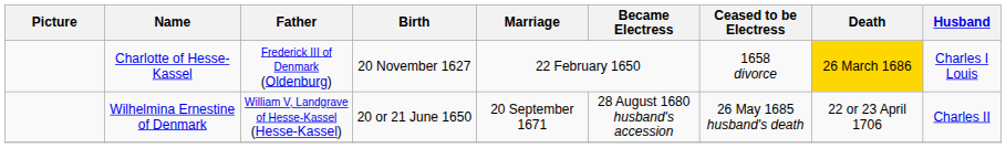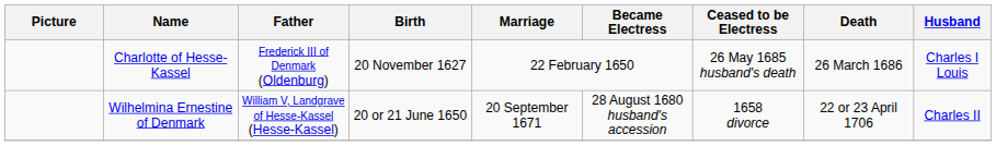 <table width=95% class="wikitable">
 <tr>
 <th width = "8%">Picture</th>
 <th width = "11%">Name</th>
 <th width = "9%">Father</th>
 <th width = "10%">Birth</th>
 <th width = "9%">Marriage</th>
 <th width = "9%">Became Electress</th>
 <th width = "9%">Ceased to be Electress</th>
 <th width = "9%">Death</th>
 <th width = "6%"><a href='#'>Husband</a></th>
 </tr>
 <tr>
 <td align="center"></td>
 <td align="center"><a href='#'>Charlotte of Hesse-Kassel</a></td>
 <td align="center"><small><a href='#'>Frederick III of Denmark</a></small><br>(<a href='#'>Oldenburg</a>)</td>
 <td align="center">20 November 1627</td>
 <td align="center" colspan="2">22 February 1650</td>
-<td align="center">1658<br><em>divorce</em></td>
-<td align="center" style="background: gold;">26 March 1686</td>
+<td align="center">26 May 1685<br><em>husband's death</em></td>
+<td align="center">26 March 1686</td>
 <td align="center"><a href='#'>Charles I Louis</a></td>
 </tr>
 <tr>
 <td align="center"></td>
 <td align="center"><a href='#'>Wilhelmina Ernestine of Denmark</a></td>
 <td align="center"><small><a href='#'>William V, Landgrave of Hesse-Kassel</a></small><br>(<a href='#'>Hesse-Kassel</a>)</td>
 <td align="center">20 or 21 June 1650</td>
 <td align="center">20 September 1671</td>
 <td align="center">28 August 1680<br><em>husband's accession</em></td>
-<td align="center">26 May 1685<br><em>husband's death</em></td>
+<td align="center">1658<br><em>divorce</em></td>
 <td align="center">22 or 23 April 1706</td>
 <td align="center"><a href='#'>Charles II</a></td>
 </tr>
 <tr>
 </tr>
 </table>
